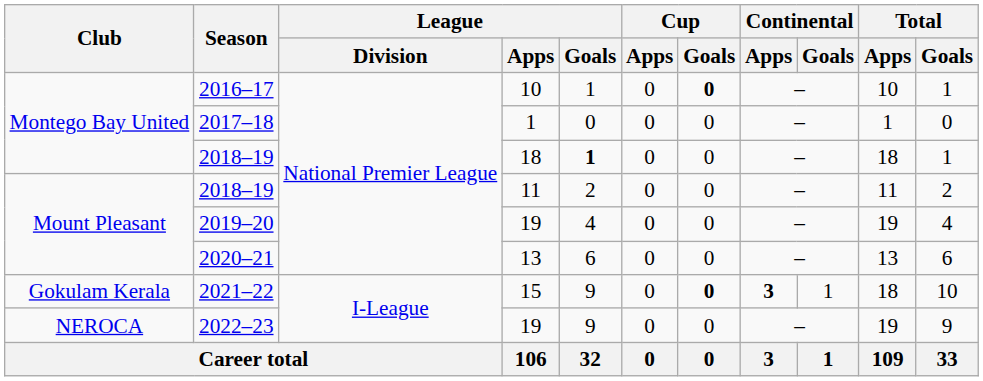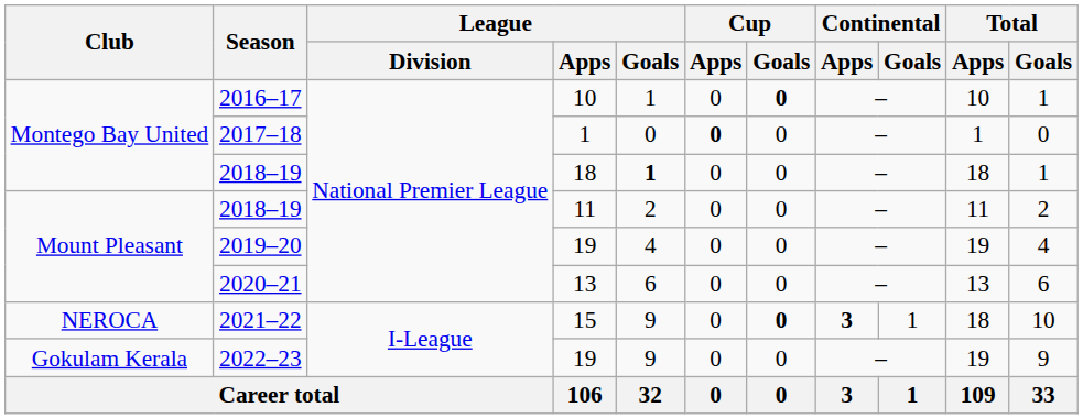 <table class=wikitable style=text-align:center>
 <tr>
 <th rowspan=2>Club</th>
 <th rowspan=2>Season</th>
 <th colspan=3>League</th>
 <th colspan=2>Cup</th>
 <th colspan=2>Continental</th>
 <th colspan=2>Total</th>
 </tr>
 <tr>
 <th>Division</th>
 <th>Apps</th>
 <th>Goals</th>
 <th>Apps</th>
 <th>Goals</th>
 <th>Apps</th>
 <th>Goals</th>
 <th>Apps</th>
 <th>Goals</th>
 </tr>
 <tr>
 <td rowspan="3"><a href='#'>Montego Bay United</a></td>
 <td><a href='#'>2016–17</a></td>
 <td rowspan="6"><a href='#'>National Premier League</a></td>
 <td>10</td>
 <td>1</td>
 <td>0</td>
 <td><strong>0</strong></td>
 <td colspan="2">–</td>
 <td>10</td>
 <td>1</td>
 </tr>
 <tr>
 <td><a href='#'>2017–18</a></td>
 <td>1</td>
 <td>0</td>
-<td>0</td>
+<td><strong>0</strong></td>
 <td>0</td>
 <td colspan="2">–</td>
 <td>1</td>
 <td>0</td>
 </tr>
 <tr>
 <td><a href='#'>2018–19</a></td>
 <td>18</td>
 <td><strong>1</strong></td>
 <td>0</td>
 <td>0</td>
 <td colspan="2">–</td>
 <td>18</td>
 <td>1</td>
 </tr>
 <tr>
 <td rowspan="3"><a href='#'>Mount Pleasant</a></td>
 <td><a href='#'>2018–19</a></td>
 <td>11</td>
 <td>2</td>
 <td>0</td>
 <td>0</td>
 <td colspan="2">–</td>
 <td>11</td>
 <td>2</td>
 </tr>
 <tr>
 <td><a href='#'>2019–20</a></td>
 <td>19</td>
 <td>4</td>
 <td>0</td>
 <td>0</td>
 <td colspan="2">–</td>
 <td>19</td>
 <td>4</td>
 </tr>
 <tr>
 <td><a href='#'>2020–21</a></td>
 <td>13</td>
 <td>6</td>
 <td>0</td>
 <td>0</td>
 <td colspan="2">–</td>
 <td>13</td>
 <td>6</td>
 </tr>
 <tr>
-<td><a href='#'>Gokulam Kerala</a></td>
+<td><a href='#'>NEROCA</a></td>
 <td><a href='#'>2021–22</a></td>
 <td rowspan="2"><a href='#'>I-League</a></td>
 <td>15</td>
 <td>9</td>
 <td>0</td>
 <td><strong>0</strong></td>
 <td><strong>3</strong></td>
 <td>1</td>
 <td>18</td>
 <td>10</td>
 </tr>
 <tr>
-<td><a href='#'>NEROCA</a></td>
+<td><a href='#'>Gokulam Kerala</a></td>
 <td><a href='#'>2022–23</a></td>
 <td>19</td>
 <td>9</td>
 <td>0</td>
 <td>0</td>
 <td colspan="2">–</td>
 <td>19</td>
 <td>9</td>
 </tr>
 <tr>
 <th colspan="3">Career total</th>
 <th>106</th>
 <th>32</th>
 <th>0</th>
 <th>0</th>
 <th>3</th>
 <th>1</th>
 <th>109</th>
 <th>33</th>
 </tr>
 </table>
